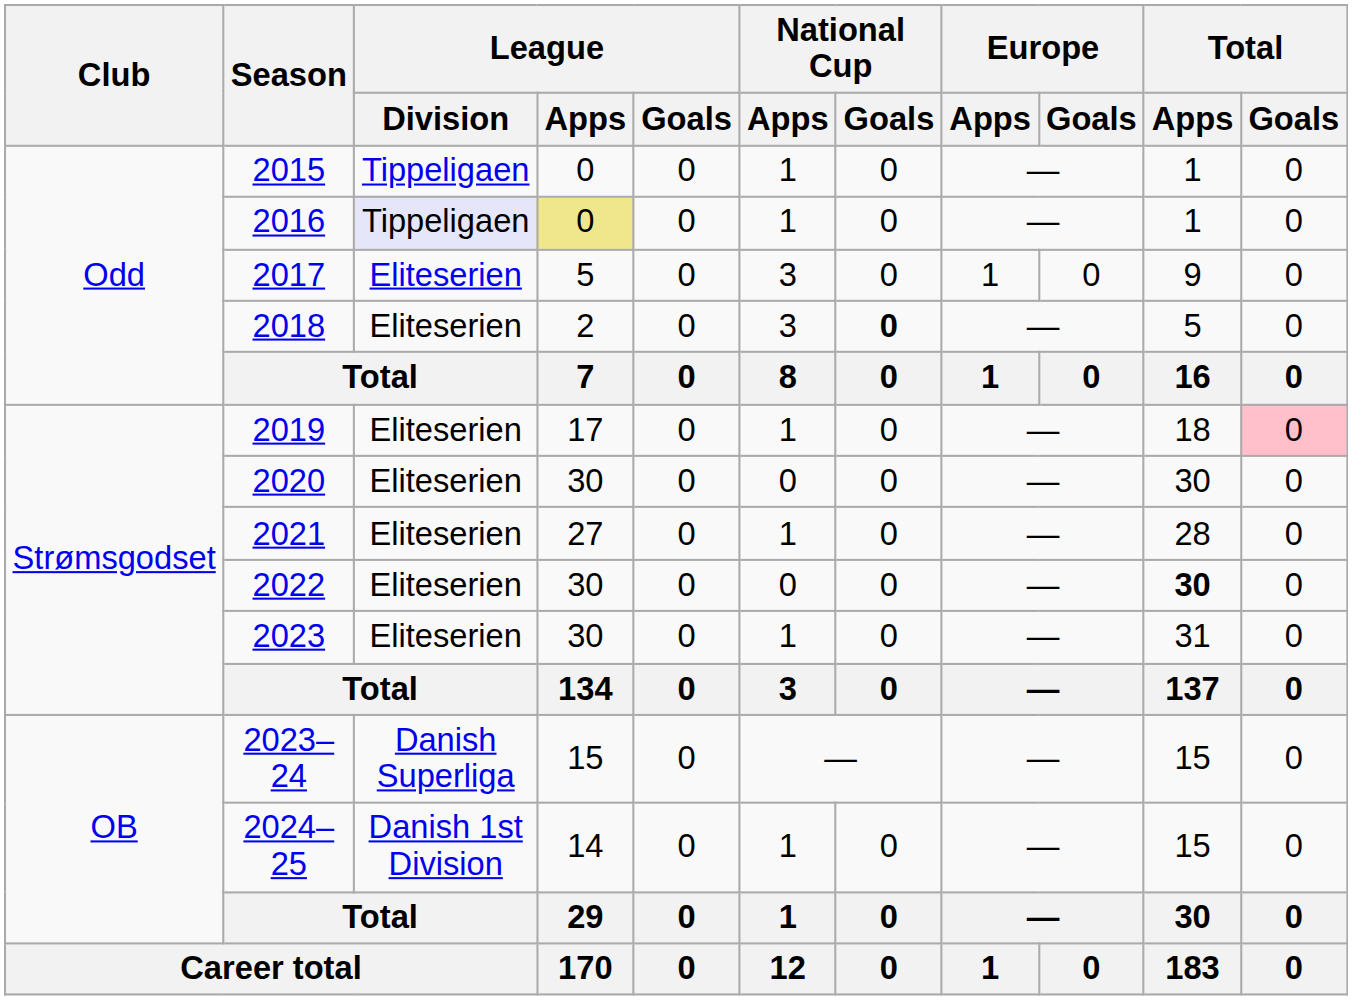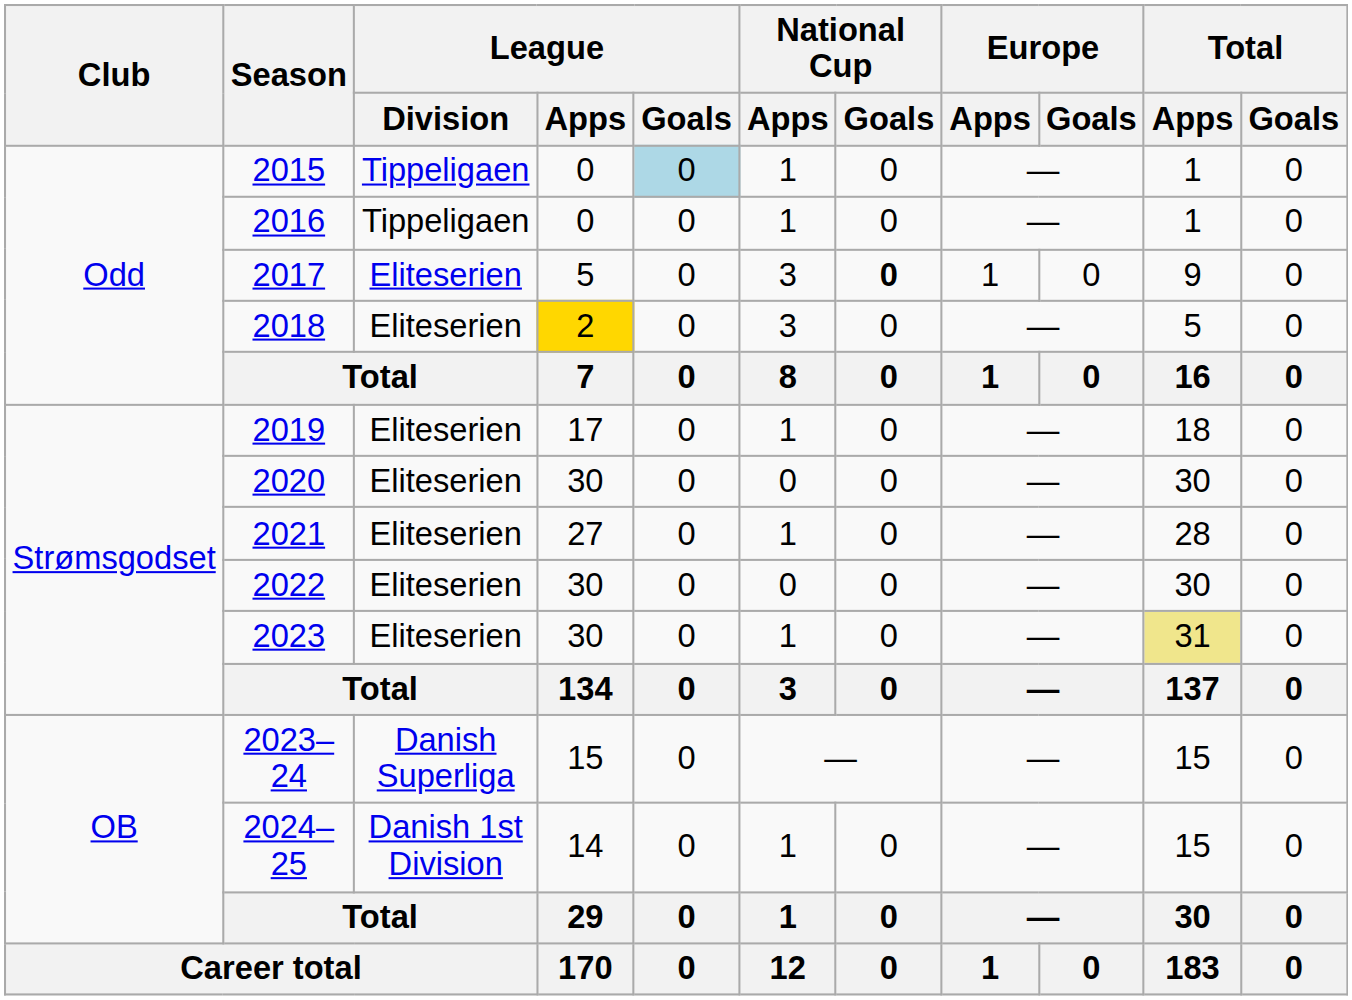 <table class="wikitable" style="text-align: center;">
 <tr>
 <th rowspan="2">Club</th>
 <th rowspan="2">Season</th>
 <th colspan="3">League</th>
 <th colspan="2">National Cup</th>
 <th colspan="2">Europe</th>
 <th colspan="2">Total</th>
 </tr>
 <tr>
 <th>Division</th>
 <th>Apps</th>
 <th>Goals</th>
 <th>Apps</th>
 <th>Goals</th>
 <th>Apps</th>
 <th>Goals</th>
 <th>Apps</th>
 <th>Goals</th>
 </tr>
 <tr>
 <td rowspan="5"><a href='#'>Odd</a></td>
 <td><a href='#'>2015</a></td>
 <td><a href='#'>Tippeligaen</a></td>
 <td>0</td>
-<td>0</td>
+<td style="background: lightblue;">0</td>
 <td>1</td>
 <td>0</td>
 <td colspan="2">—</td>
 <td>1</td>
 <td>0</td>
 </tr>
 <tr>
 <td><a href='#'>2016</a></td>
-<td style="background: lavender;">Tippeligaen</td>
-<td style="background: khaki;">0</td>
+<td>Tippeligaen</td>
+<td>0</td>
 <td>0</td>
 <td>1</td>
 <td>0</td>
 <td colspan="2">—</td>
 <td>1</td>
 <td>0</td>
 </tr>
 <tr>
 <td><a href='#'>2017</a></td>
 <td><a href='#'>Eliteserien</a></td>
 <td>5</td>
 <td>0</td>
 <td>3</td>
-<td>0</td>
+<td><strong>0</strong></td>
 <td>1</td>
 <td>0</td>
 <td>9</td>
 <td>0</td>
 </tr>
 <tr>
 <td><a href='#'>2018</a></td>
 <td>Eliteserien</td>
-<td>2</td>
+<td style="background: gold;">2</td>
 <td>0</td>
 <td>3</td>
-<td><strong>0</strong></td>
+<td>0</td>
 <td colspan="2">—</td>
 <td>5</td>
 <td>0</td>
 </tr>
 <tr>
 <th colspan="2">Total</th>
 <th>7</th>
 <th>0</th>
 <th>8</th>
 <th>0</th>
 <th>1</th>
 <th>0</th>
 <th>16</th>
 <th>0</th>
 </tr>
 <tr>
 <td rowspan="6"><a href='#'>Strømsgodset</a></td>
 <td><a href='#'>2019</a></td>
 <td>Eliteserien</td>
 <td>17</td>
 <td>0</td>
 <td>1</td>
 <td>0</td>
 <td colspan="2">—</td>
 <td>18</td>
-<td style="background: pink;">0</td>
+<td>0</td>
 </tr>
 <tr>
 <td><a href='#'>2020</a></td>
 <td>Eliteserien</td>
 <td>30</td>
 <td>0</td>
 <td>0</td>
 <td>0</td>
 <td colspan="2">—</td>
 <td>30</td>
 <td>0</td>
 </tr>
 <tr>
 <td><a href='#'>2021</a></td>
 <td>Eliteserien</td>
 <td>27</td>
 <td>0</td>
 <td>1</td>
 <td>0</td>
 <td colspan="2">—</td>
 <td>28</td>
 <td>0</td>
 </tr>
 <tr>
 <td><a href='#'>2022</a></td>
 <td>Eliteserien</td>
 <td>30</td>
 <td>0</td>
 <td>0</td>
 <td>0</td>
 <td colspan="2">—</td>
-<td><strong>30</strong></td>
+<td>30</td>
 <td>0</td>
 </tr>
 <tr>
 <td><a href='#'>2023</a></td>
 <td>Eliteserien</td>
 <td>30</td>
 <td>0</td>
 <td>1</td>
 <td>0</td>
 <td colspan="2">—</td>
-<td>31</td>
+<td style="background: khaki;">31</td>
 <td>0</td>
 </tr>
 <tr>
 <th colspan="2">Total</th>
 <th>134</th>
 <th>0</th>
 <th>3</th>
 <th>0</th>
 <th colspan="2">—</th>
 <th>137</th>
 <th>0</th>
 </tr>
 <tr>
 <td rowspan="3"><a href='#'>OB</a></td>
 <td><a href='#'>2023–24</a></td>
 <td><a href='#'>Danish Superliga</a></td>
 <td>15</td>
 <td>0</td>
 <td colspan="2">—</td>
 <td colspan="2">—</td>
 <td>15</td>
 <td>0</td>
 </tr>
 <tr>
 <td><a href='#'>2024–25</a></td>
 <td><a href='#'>Danish 1st Division</a></td>
 <td>14</td>
 <td>0</td>
 <td>1</td>
 <td>0</td>
 <td colspan="2">—</td>
 <td>15</td>
 <td>0</td>
 </tr>
 <tr>
 <th colspan="2">Total</th>
 <th>29</th>
 <th>0</th>
 <th>1</th>
 <th>0</th>
 <th colspan="2">—</th>
 <th>30</th>
 <th>0</th>
 </tr>
 <tr>
 <th colspan="3">Career total</th>
 <th>170</th>
 <th>0</th>
 <th>12</th>
 <th>0</th>
 <th>1</th>
 <th>0</th>
 <th>183</th>
 <th>0</th>
 </tr>
 </table>
